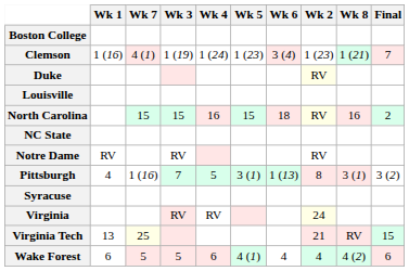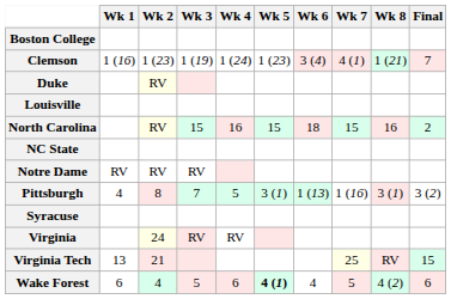 <table class="wikitable" style="white-space:nowrap;font-size:90%;">
 <tr>
 <th colspan=1 style="background:white; border-top-style:hidden; border-left-style:hidden;"> </th>
 <th>Wk 1 <br></th>
-<th>Wk 7 <br></th>
+<th>Wk 2 <br></th>
 <th>Wk 3 <br></th>
 <th>Wk 4 <br></th>
 <th>Wk 5 <br></th>
 <th>Wk 6 <br></th>
-<th>Wk 2 <br></th>
+<th>Wk 7 <br></th>
 <th>Wk 8 <br></th>
 <th>Final <br></th>
 </tr>
 <tr style="text-align:center;">
 <th>Boston College</th>
 <td style="background:#FFF;"></td>
 <td style="background:#FFF;"></td>
 <td style="background:#FFF;"></td>
 <td style="background:#FFF;"></td>
 <td style="background:#FFF;"></td>
 <td style="background:#FFF;"></td>
 <td style="background:#FFF;"></td>
 <td style="background:#FFF;"></td>
 <td style="background:#FFF;"></td>
 </tr>
 <tr style="text-align:center;">
 <th>Clemson</th>
 <td style="background:#FFF;"> 1 (<em>16</em>)</td>
-<td style="background:#FFE6E6;"> 4 (<em>1</em>)</td>
+<td style="background:#FFF;"> 1 (<em>23</em>)</td>
 <td style="background:#FFF;"> 1 (<em>19</em>)</td>
 <td style="background:#FFF;"> 1 (<em>24</em>)</td>
 <td style="background:#FFF;"> 1 (<em>23</em>)</td>
 <td style="background:#FFE6E6;"> 3 (<em>4</em>)</td>
-<td style="background:#FFF;"> 1 (<em>23</em>)</td>
+<td style="background:#FFE6E6;"> 4 (<em>1</em>)</td>
 <td style="background:#D8FFEB;"> 1 (<em>21</em>)</td>
 <td style="background:#FFE6E6;"> 7</td>
 </tr>
 <tr style="text-align:center;">
 <th>Duke</th>
 <td style="background:#FFF;"></td>
-<td style="background:#FFF;"></td>
+<td style="background:#FFFFE6;"> RV</td>
 <td style="background:#FFE6E6;"></td>
 <td style="background:#FFF;"></td>
 <td style="background:#FFF;"></td>
 <td style="background:#FFF;"></td>
-<td style="background:#FFFFE6;"> RV</td>
+<td style="background:#FFF;"></td>
 <td style="background:#FFF;"></td>
 <td style="background:#FFF;"></td>
 </tr>
 <tr style="text-align:center;">
 <th>Louisville</th>
 <td style="background:#FFF;"></td>
 <td style="background:#FFF;"></td>
 <td style="background:#FFF;"></td>
 <td style="background:#FFF;"></td>
 <td style="background:#FFF;"></td>
 <td style="background:#FFF;"></td>
 <td style="background:#FFF;"></td>
 <td style="background:#FFF;"></td>
 <td style="background:#FFF;"></td>
 </tr>
 <tr style="text-align:center;">
 <th>North Carolina</th>
 <td style="background:#FFF;"></td>
-<td style="background:#D8FFEB;"> 15</td>
+<td style="background:#FFFFE6;"> RV</td>
 <td style="background:#D8FFEB;"> 15</td>
 <td style="background:#FFE6E6;"> 16</td>
 <td style="background:#D8FFEB;"> 15</td>
 <td style="background:#FFE6E6;"> 18</td>
-<td style="background:#FFFFE6;"> RV</td>
+<td style="background:#D8FFEB;"> 15</td>
 <td style="background:#FFE6E6;"> 16</td>
 <td style="background:#D8FFEB;"> 2</td>
 </tr>
 <tr style="text-align:center;">
 <th>NC State</th>
 <td style="background:#FFF;"></td>
 <td style="background:#FFF;"></td>
 <td style="background:#FFF;"></td>
 <td style="background:#FFF;"></td>
 <td style="background:#FFF;"></td>
 <td style="background:#FFF;"></td>
 <td style="background:#FFF;"></td>
 <td style="background:#FFF;"></td>
 <td style="background:#FFF;"></td>
 </tr>
 <tr style="text-align:center;">
 <th>Notre Dame</th>
 <td style="background:#FFF;"> RV</td>
-<td style="background:#FFF;"></td>
+<td style="background:#FFF;"> RV</td>
 <td style="background:#FFF;"> RV</td>
 <td style="background:#FFE6E6;"></td>
 <td style="background:#FFF;"></td>
 <td style="background:#FFF;"></td>
-<td style="background:#FFF;"> RV</td>
+<td style="background:#FFF;"></td>
 <td style="background:#FFF;"></td>
 <td style="background:#FFF;"></td>
 </tr>
 <tr style="text-align:center;">
 <th>Pittsburgh</th>
 <td style="background:#FFF;"> 4</td>
-<td style="background:#FFF;"> 1 (<em>16</em>)</td>
+<td style="background:#FFE6E6;"> 8</td>
 <td style="background:#D8FFEB;"> 7</td>
 <td style="background:#D8FFEB;"> 5</td>
 <td style="background:#D8FFEB;"> 3 (<em>1</em>)</td>
 <td style="background:#D8FFEB;"> 1 (<em>13</em>)</td>
-<td style="background:#FFE6E6;"> 8</td>
+<td style="background:#FFF;"> 1 (<em>16</em>)</td>
 <td style="background:#FFE6E6;"> 3 (<em>1</em>)</td>
 <td style="background:#FFF;"> 3 (<em>2</em>)</td>
 </tr>
 <tr style="text-align:center;">
 <th>Syracuse</th>
 <td style="background:#FFF;"></td>
 <td style="background:#FFF;"></td>
 <td style="background:#FFF;"></td>
 <td style="background:#FFF;"></td>
 <td style="background:#FFF;"></td>
 <td style="background:#FFF;"></td>
 <td style="background:#FFF;"></td>
 <td style="background:#FFF;"></td>
 <td style="background:#FFF;"></td>
 </tr>
 <tr style="text-align:center;">
 <th>Virginia</th>
 <td style="background:#FFF;"></td>
-<td style="background:#FFF;"></td>
+<td style="background:#FFFFE6;"> 24</td>
 <td style="background:#FFE6E6;"> RV</td>
 <td style="background:#FFF;"> RV</td>
 <td style="background:#FFE6E6;"></td>
 <td style="background:#FFF;"></td>
-<td style="background:#FFFFE6;"> 24</td>
+<td style="background:#FFF;"></td>
 <td style="background:#FFF;"></td>
 <td style="background:#FFF;"></td>
 </tr>
 <tr style="text-align:center;">
 <th>Virginia Tech</th>
 <td style="background:#FFF;"> 13</td>
-<td style="background:#FFFFE6;"> 25</td>
+<td style="background:#FFE6E6;"> 21</td>
 <td style="background:#FFE6E6;"></td>
 <td style="background:#FFF;"></td>
 <td style="background:#FFF;"></td>
 <td style="background:#FFF;"></td>
-<td style="background:#FFE6E6;"> 21</td>
+<td style="background:#FFFFE6;"> 25</td>
 <td style="background:#FFE6E6;"> RV</td>
 <td style="background:#D8FFEB;"> 15</td>
 </tr>
 <tr style="text-align:center;">
 <th>Wake Forest</th>
 <td style="background:#FFF;"> 6</td>
-<td style="background:#FFE6E6;"> 5</td>
+<td style="background:#D8FFEB;"> 4</td>
 <td style="background:#FFE6E6;"> 5</td>
 <td style="background:#FFE6E6;"> 6</td>
-<td style="background:#D8FFEB;"> 4 (<em>1</em>)</td>
+<td style="background:#D8FFEB;"><strong> 4 (<em>1</em>)</strong></td>
 <td style="background:#FFF;"> 4</td>
-<td style="background:#D8FFEB;"> 4</td>
+<td style="background:#FFE6E6;"> 5</td>
 <td style="background:#D8FFEB;"> 4 (<em>2</em>)</td>
 <td style="background:#FFE6E6;"> 6</td>
 </tr>
 </table>
